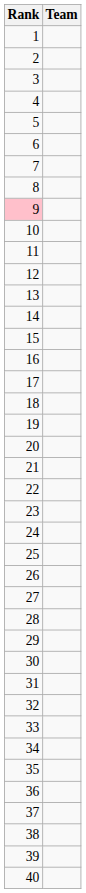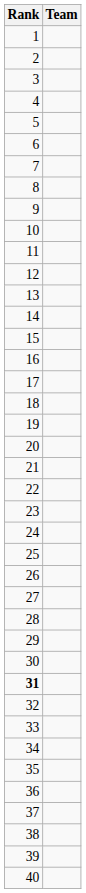 <table class="wikitable">
 <tr>
 <th>Rank</th>
 <th>Team</th>
 </tr>
 <tr>
 <td align=right>1</td>
 <td></td>
 </tr>
 <tr>
 <td align=right>2</td>
 <td></td>
 </tr>
 <tr>
 <td align=right>3</td>
 <td></td>
 </tr>
 <tr>
 <td align=right>4</td>
 <td></td>
 </tr>
 <tr>
 <td align=right>5</td>
 <td></td>
 </tr>
 <tr>
 <td align=right>6</td>
 <td></td>
 </tr>
 <tr>
 <td align=right>7</td>
 <td></td>
 </tr>
 <tr>
 <td align=right>8</td>
 <td></td>
 </tr>
 <tr>
-<td align=right style="background: pink;">9</td>
+<td align=right>9</td>
 <td></td>
 </tr>
 <tr>
 <td align=right>10</td>
 <td></td>
 </tr>
 <tr>
 <td align=right>11</td>
 <td></td>
 </tr>
 <tr>
 <td align=right>12</td>
 <td></td>
 </tr>
 <tr>
 <td align=right>13</td>
 <td></td>
 </tr>
 <tr>
 <td align=right>14</td>
 <td></td>
 </tr>
 <tr>
 <td align=right>15</td>
 <td></td>
 </tr>
 <tr>
 <td align=right>16</td>
 <td></td>
 </tr>
 <tr>
 <td align=right>17</td>
 <td></td>
 </tr>
 <tr>
 <td align=right>18</td>
 <td></td>
 </tr>
 <tr>
 <td align=right>19</td>
 <td></td>
 </tr>
 <tr>
 <td align=right>20</td>
 <td></td>
 </tr>
 <tr>
 <td align=right>21</td>
 <td></td>
 </tr>
 <tr>
 <td align=right>22</td>
 <td></td>
 </tr>
 <tr>
 <td align=right>23</td>
 <td></td>
 </tr>
 <tr>
 <td align=right>24</td>
 <td></td>
 </tr>
 <tr>
 <td align=right>25</td>
 <td></td>
 </tr>
 <tr>
 <td align=right>26</td>
 <td></td>
 </tr>
 <tr>
 <td align=right>27</td>
 <td></td>
 </tr>
 <tr>
 <td align=right>28</td>
 <td></td>
 </tr>
 <tr>
 <td align=right>29</td>
 <td></td>
 </tr>
 <tr>
 <td align=right>30</td>
 <td></td>
 </tr>
 <tr>
-<td align=right>31</td>
+<td align=right><strong>31</strong></td>
 <td></td>
 </tr>
 <tr>
 <td align=right>32</td>
 <td></td>
 </tr>
 <tr>
 <td align=right>33</td>
 <td></td>
 </tr>
 <tr>
 <td align=right>34</td>
 <td></td>
 </tr>
 <tr>
 <td align=right>35</td>
 <td></td>
 </tr>
 <tr>
 <td align=right>36</td>
 <td></td>
 </tr>
 <tr>
 <td align=right>37</td>
 <td></td>
 </tr>
 <tr>
 <td align=right>38</td>
 <td></td>
 </tr>
 <tr>
 <td align=right>39</td>
 <td></td>
 </tr>
 <tr>
 <td align=right>40</td>
 <td></td>
 </tr>
 </table>
